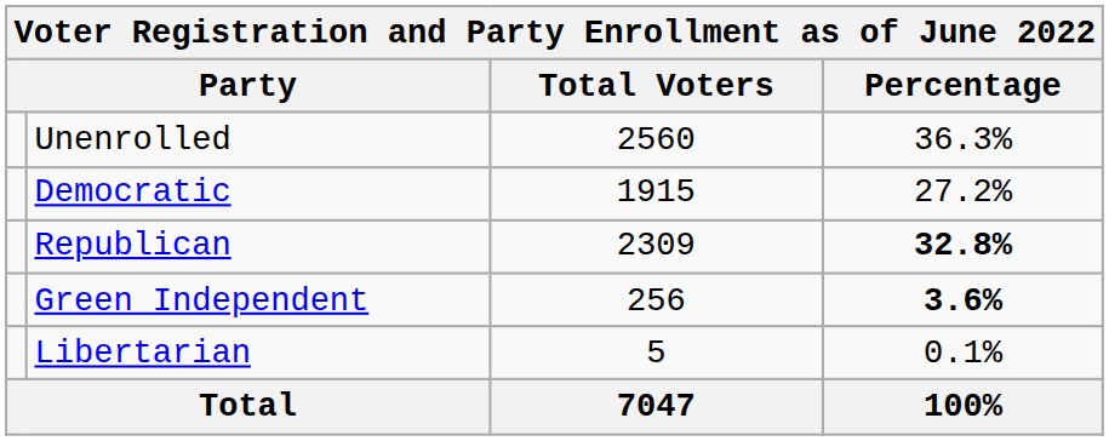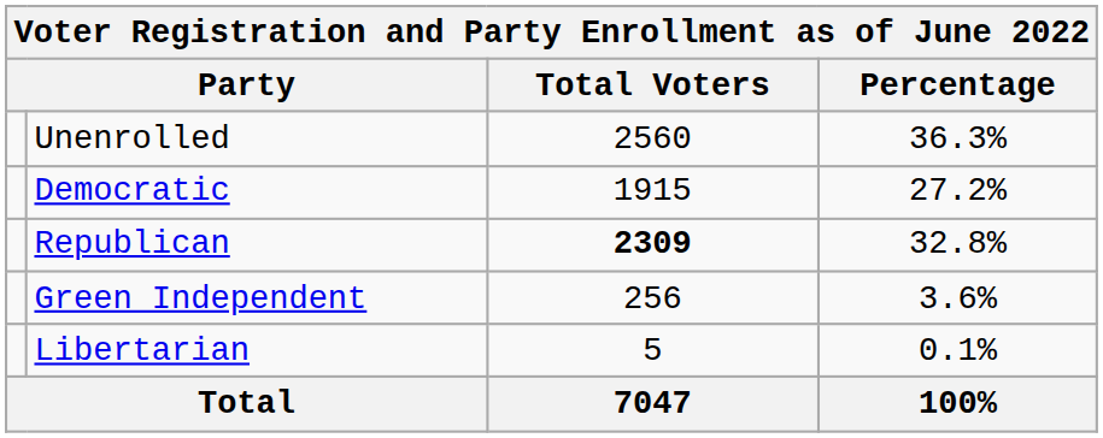 <table class=wikitable>
 <tr>
 <th colspan = 6>Voter Registration and Party Enrollment as of June 2022</th>
 </tr>
 <tr>
 <th colspan = 2>Party</th>
 <th>Total Voters</th>
 <th>Percentage</th>
 </tr>
 <tr>
 <td></td>
 <td>Unenrolled</td>
 <td align = center>2560</td>
 <td align = center>36.3%</td>
 </tr>
 <tr>
 <td></td>
 <td><a href='#'>Democratic</a></td>
 <td align = center>1915</td>
 <td align = center>27.2%</td>
 </tr>
 <tr>
 <td></td>
 <td><a href='#'>Republican</a></td>
-<td align = center>2309</td>
-<td align = center><strong>32.8%</strong></td>
+<td align = center><strong>2309</strong></td>
+<td align = center>32.8%</td>
 </tr>
 <tr>
 <td></td>
 <td><a href='#'>Green Independent</a></td>
 <td align = center>256</td>
-<td align = center><strong>3.6%</strong></td>
+<td align = center>3.6%</td>
 </tr>
 <tr>
 <td></td>
 <td><a href='#'>Libertarian</a></td>
 <td align = center>5</td>
 <td align = center>0.1%</td>
 </tr>
 <tr>
 <th colspan="2">Total</th>
 <th align="center">7047</th>
 <th align="center">100%</th>
 </tr>
 </table>
